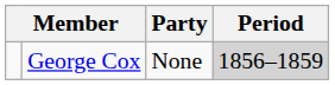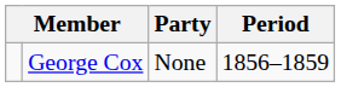 <table class="wikitable">
 <tr>
 <th colspan="2">Member</th>
 <th>Party</th>
 <th>Period</th>
 </tr>
 <tr>
 <td> </td>
 <td><a href='#'>George Cox</a></td>
 <td>None</td>
-<td style="background: lightgrey;">1856–1859</td>
+<td>1856–1859</td>
 </tr>
 </table>
